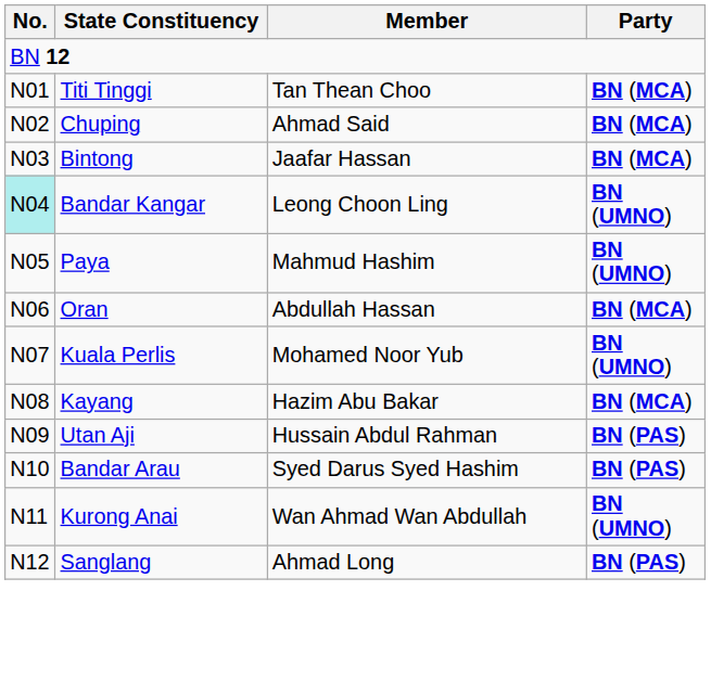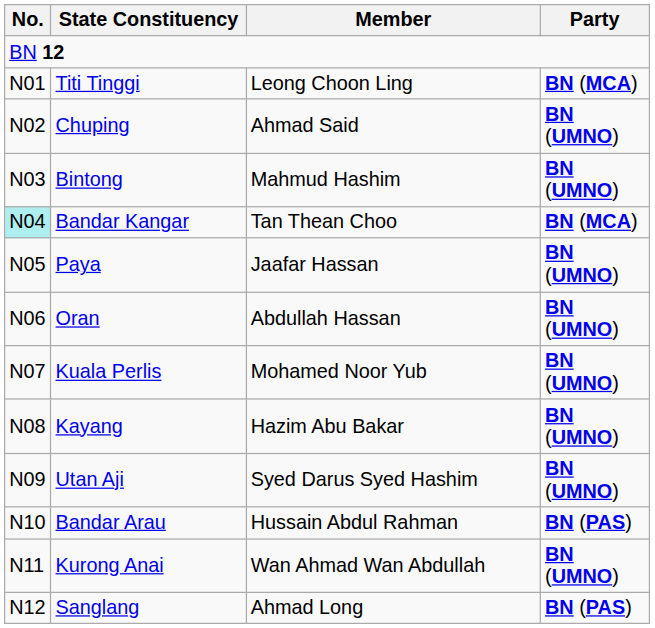 <table class="wikitable sortable">
 <tr>
 <th style="width:30px;">No.</th>
 <th style="width:150px;">State Constituency</th>
 <th style="width:230px;">Member</th>
 <th style="width:80px;">Party</th>
 </tr>
 <tr>
 <td colspan="4"><a href='#'>BN</a> <strong>12</strong></td>
 </tr>
 <tr>
 <td>N01</td>
 <td><a href='#'>Titi Tinggi</a></td>
-<td>Tan Thean Choo</td>
+<td>Leong Choon Ling</td>
 <td><strong><a href='#'>BN</a></strong> (<strong><a href='#'>MCA</a></strong>)</td>
 </tr>
 <tr>
 <td>N02</td>
 <td><a href='#'>Chuping</a></td>
 <td>Ahmad Said</td>
-<td><strong><a href='#'>BN</a></strong> (<strong><a href='#'>MCA</a></strong>)</td>
+<td><strong><a href='#'>BN</a></strong> (<strong><a href='#'>UMNO</a></strong>)</td>
 </tr>
 <tr>
 <td>N03</td>
 <td><a href='#'>Bintong</a></td>
-<td>Jaafar Hassan</td>
-<td><strong><a href='#'>BN</a></strong> (<strong><a href='#'>MCA</a></strong>)</td>
+<td>Mahmud Hashim</td>
+<td><strong><a href='#'>BN</a></strong> (<strong><a href='#'>UMNO</a></strong>)</td>
 </tr>
 <tr>
 <td style="background: paleturquoise;">N04</td>
 <td><a href='#'>Bandar Kangar</a></td>
-<td>Leong Choon Ling</td>
-<td><strong><a href='#'>BN</a></strong> (<strong><a href='#'>UMNO</a></strong>)</td>
+<td>Tan Thean Choo</td>
+<td><strong><a href='#'>BN</a></strong> (<strong><a href='#'>MCA</a></strong>)</td>
 </tr>
 <tr>
 <td>N05</td>
 <td><a href='#'>Paya</a></td>
-<td>Mahmud Hashim</td>
+<td>Jaafar Hassan</td>
 <td><strong><a href='#'>BN</a></strong> (<strong><a href='#'>UMNO</a></strong>)</td>
 </tr>
 <tr>
 <td>N06</td>
 <td><a href='#'>Oran</a></td>
 <td>Abdullah Hassan</td>
-<td><strong><a href='#'>BN</a></strong> (<strong><a href='#'>MCA</a></strong>)</td>
+<td><strong><a href='#'>BN</a></strong> (<strong><a href='#'>UMNO</a></strong>)</td>
 </tr>
 <tr>
 <td>N07</td>
 <td><a href='#'>Kuala Perlis</a></td>
 <td>Mohamed Noor Yub</td>
 <td><strong><a href='#'>BN</a></strong> (<strong><a href='#'>UMNO</a></strong>)</td>
 </tr>
 <tr>
 <td>N08</td>
 <td><a href='#'>Kayang</a></td>
 <td>Hazim Abu Bakar</td>
-<td><strong><a href='#'>BN</a></strong> (<strong><a href='#'>MCA</a></strong>)</td>
+<td><strong><a href='#'>BN</a></strong> (<strong><a href='#'>UMNO</a></strong>)</td>
 </tr>
 <tr>
 <td>N09</td>
 <td><a href='#'>Utan Aji</a></td>
-<td>Hussain Abdul Rahman</td>
-<td><strong><a href='#'>BN</a></strong> (<strong><a href='#'>PAS</a></strong>)</td>
+<td>Syed Darus Syed Hashim</td>
+<td><strong><a href='#'>BN</a></strong> (<strong><a href='#'>UMNO</a></strong>)</td>
 </tr>
 <tr>
 <td>N10</td>
 <td><a href='#'>Bandar Arau</a></td>
-<td>Syed Darus Syed Hashim</td>
+<td>Hussain Abdul Rahman</td>
 <td><strong><a href='#'>BN</a></strong> (<strong><a href='#'>PAS</a></strong>)</td>
 </tr>
 <tr>
 <td>N11</td>
 <td><a href='#'>Kurong Anai</a></td>
 <td>Wan Ahmad Wan Abdullah</td>
 <td><strong><a href='#'>BN</a></strong> (<strong><a href='#'>UMNO</a></strong>)</td>
 </tr>
 <tr>
 <td>N12</td>
 <td><a href='#'>Sanglang</a></td>
 <td>Ahmad Long</td>
 <td><strong><a href='#'>BN</a></strong> (<strong><a href='#'>PAS</a></strong>)</td>
 </tr>
 </table>
